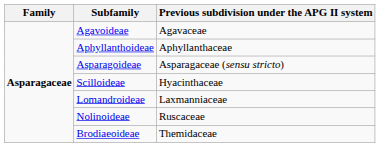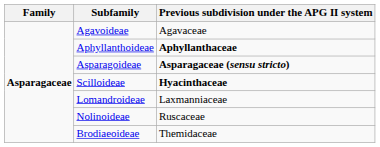 <table class="wikitable">
 <tr>
 <th>Family</th>
 <th>Subfamily</th>
 <th>Previous subdivision under the APG II system</th>
 </tr>
 <tr>
 <td rowspan="7"><strong>Asparagaceae</strong></td>
 <td><a href='#'>Agavoideae</a></td>
 <td>Agavaceae</td>
 </tr>
 <tr>
 <td><a href='#'>Aphyllanthoideae</a></td>
-<td>Aphyllanthaceae</td>
+<td><strong>Aphyllanthaceae</strong></td>
 </tr>
 <tr>
 <td><a href='#'>Asparagoideae</a></td>
-<td>Asparagaceae (<em>sensu stricto</em>)</td>
+<td><strong>Asparagaceae (<em>sensu stricto</em>)</strong></td>
 </tr>
 <tr>
 <td><a href='#'>Scilloideae</a></td>
-<td>Hyacinthaceae</td>
+<td><strong>Hyacinthaceae</strong></td>
 </tr>
 <tr>
 <td><a href='#'>Lomandroideae</a></td>
 <td>Laxmanniaceae</td>
 </tr>
 <tr>
 <td><a href='#'>Nolinoideae</a></td>
 <td>Ruscaceae</td>
 </tr>
 <tr>
 <td><a href='#'>Brodiaeoideae</a></td>
 <td>Themidaceae</td>
 </tr>
 </table>
